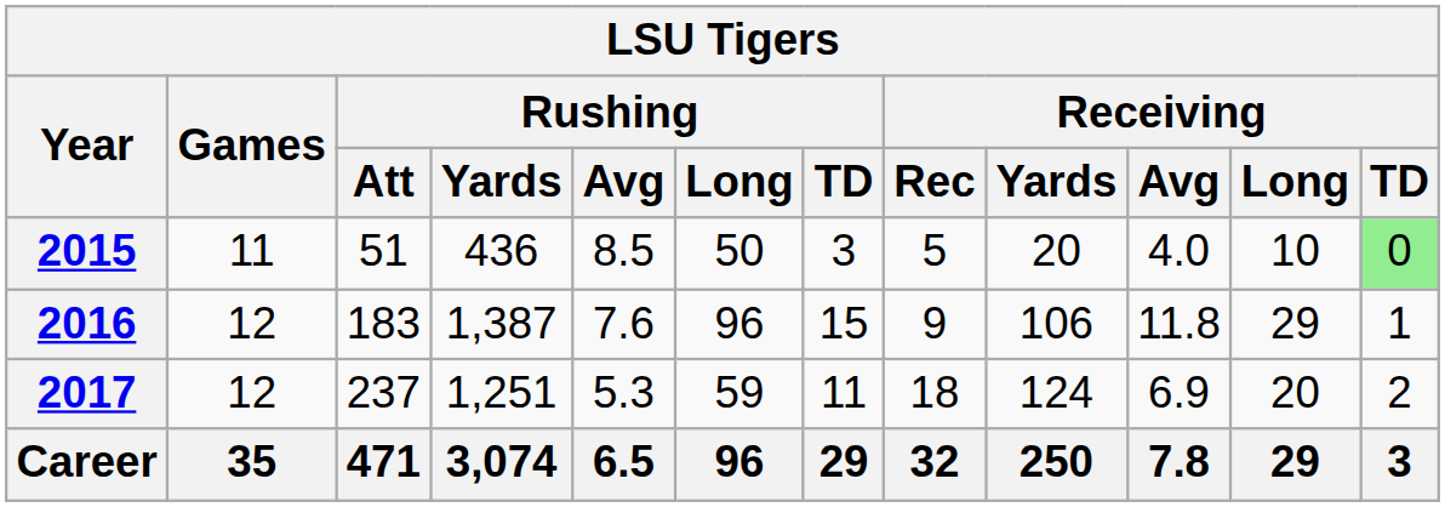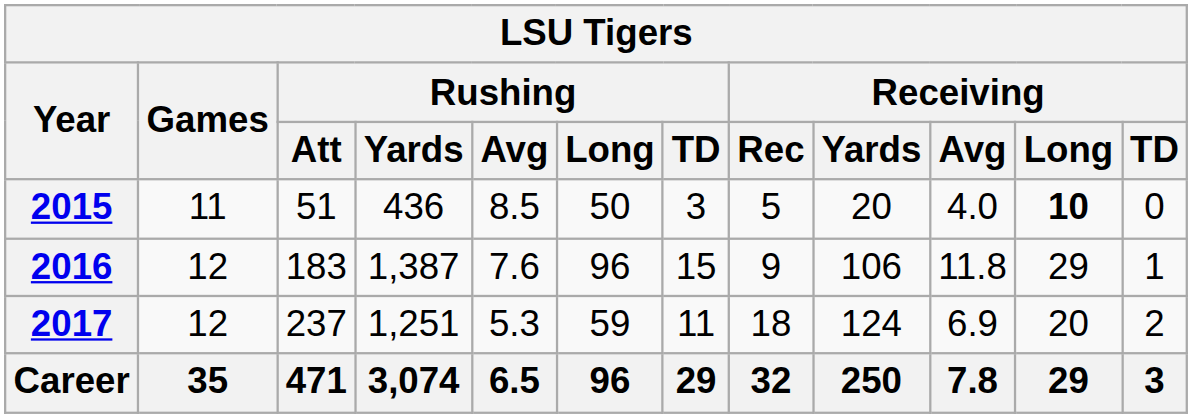 <table class="wikitable" style="text-align:center">
 <tr>
 <th colspan="15">LSU Tigers</th>
 </tr>
 <tr>
 <th rowspan="2">Year</th>
 <th rowspan="2">Games</th>
 <th colspan="5">Rushing</th>
 <th colspan="5">Receiving</th>
 </tr>
 <tr>
 <th>Att</th>
 <th>Yards</th>
 <th>Avg</th>
 <th>Long</th>
 <th>TD</th>
 <th>Rec</th>
 <th>Yards</th>
 <th>Avg</th>
 <th>Long</th>
 <th>TD</th>
 </tr>
 <tr>
 <th><a href='#'>2015</a></th>
 <td>11</td>
 <td>51</td>
 <td>436</td>
 <td>8.5</td>
 <td>50</td>
 <td>3</td>
 <td>5</td>
 <td>20</td>
 <td>4.0</td>
-<td>10</td>
-<td style="background: lightgreen;">0</td>
+<td><strong>10</strong></td>
+<td>0</td>
 </tr>
 <tr>
 <th><a href='#'>2016</a></th>
 <td>12</td>
 <td>183</td>
 <td>1,387</td>
 <td>7.6</td>
 <td>96</td>
 <td>15</td>
 <td>9</td>
 <td>106</td>
 <td>11.8</td>
 <td>29</td>
 <td>1</td>
 </tr>
 <tr>
 <th><a href='#'>2017</a></th>
 <td>12</td>
 <td>237</td>
 <td>1,251</td>
 <td>5.3</td>
 <td>59</td>
 <td>11</td>
 <td>18</td>
 <td>124</td>
 <td>6.9</td>
 <td>20</td>
 <td>2</td>
 </tr>
 <tr>
 <th>Career</th>
 <th>35</th>
 <th>471</th>
 <th>3,074</th>
 <th>6.5</th>
 <th>96</th>
 <th>29</th>
 <th>32</th>
 <th>250</th>
 <th>7.8</th>
 <th>29</th>
 <th>3</th>
 </tr>
 </table>
